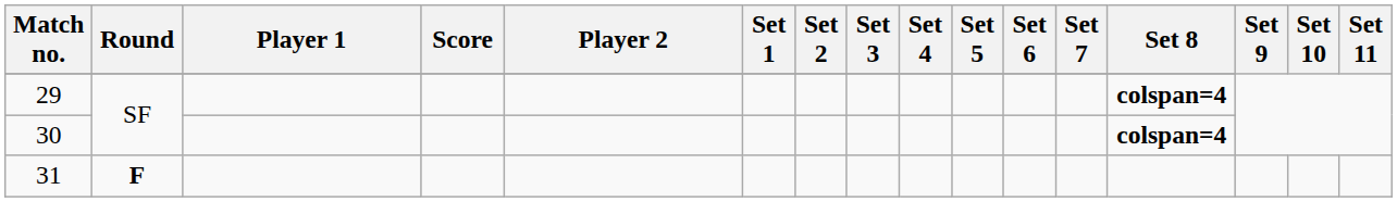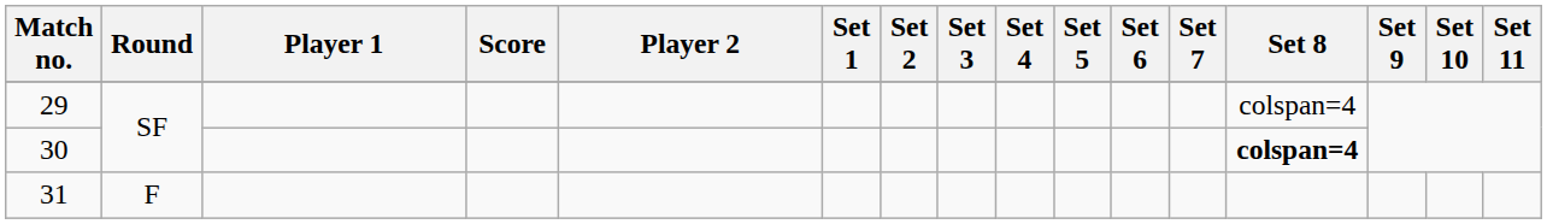 <table class="wikitable" style="text-align: center;">
 <tr>
 <th width="2%">Match no.</th>
 <th width="2%">Round</th>
 <th width="15%">Player 1</th>
 <th width="5%">Score</th>
 <th width="15%">Player 2</th>
 <th width="3%">Set 1</th>
 <th width="3%">Set 2</th>
 <th width="3%">Set 3</th>
 <th width="3%">Set 4</th>
 <th width="3%">Set 5</th>
 <th width="3%">Set 6</th>
 <th width="3%">Set 7</th>
 <th width="3%">Set 8</th>
 <th width="3%">Set 9</th>
 <th width="3%">Set 10</th>
 <th width="3%">Set 11</th>
 </tr>
 <tr>
 </tr>
 <tr style=text-align:center;>
 <td>29</td>
 <td rowspan=2>SF</td>
 <td></td>
 <td></td>
 <td></td>
 <td></td>
 <td></td>
 <td></td>
 <td></td>
 <td></td>
 <td></td>
 <td></td>
-<td><strong>colspan=4</strong></td>
+<td>colspan=4</td>
 </tr>
 <tr style=text-align:center;>
 <td>30</td>
 <td></td>
 <td></td>
 <td></td>
 <td></td>
 <td></td>
 <td></td>
 <td></td>
 <td></td>
 <td></td>
 <td></td>
 <td><strong>colspan=4</strong></td>
 </tr>
 <tr style=text-align:center;>
 <td>31</td>
-<td><strong>F</strong></td>
+<td>F</td>
 <td></td>
 <td></td>
 <td></td>
 <td></td>
 <td></td>
 <td></td>
 <td></td>
 <td></td>
 <td></td>
 <td></td>
 <td></td>
 <td></td>
 <td></td>
 <td></td>
 </tr>
 </table>
